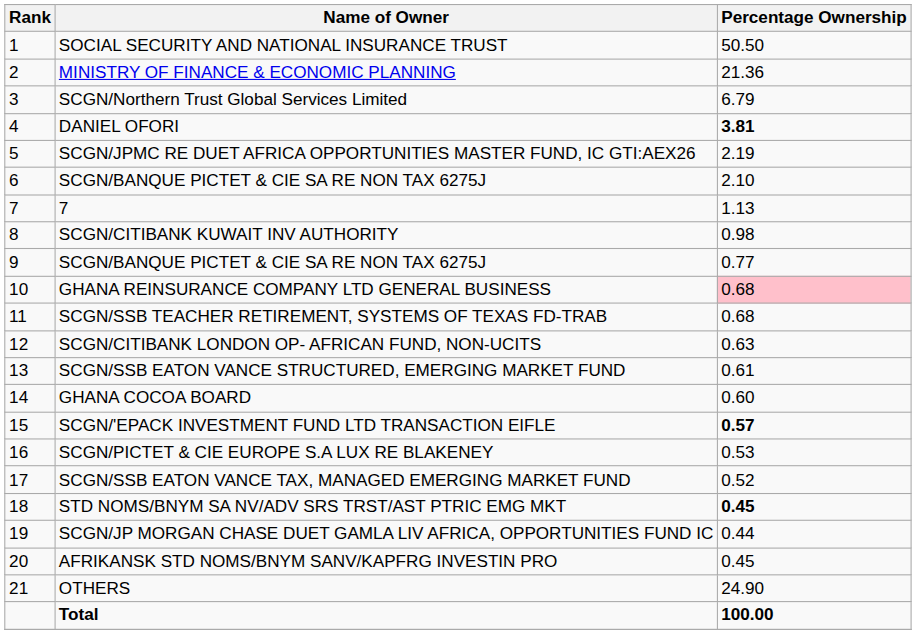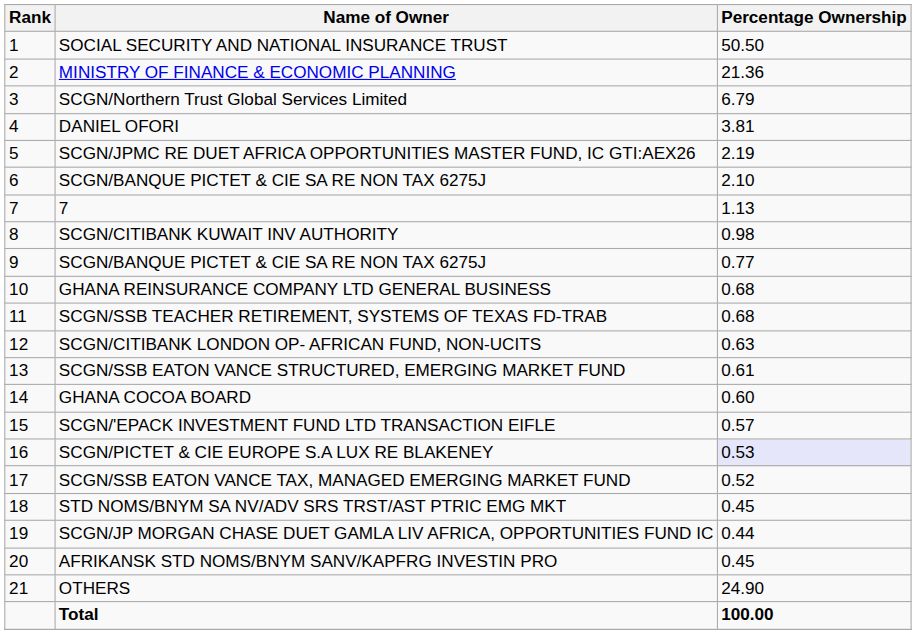 <table class="wikitable sortable" style="margin-left:auto;margin-right:auto">
 <tr>
 <th style="width:2em;">Rank</th>
 <th>Name of Owner</th>
 <th>Percentage Ownership</th>
 </tr>
 <tr>
 <td>1</td>
 <td>SOCIAL SECURITY AND NATIONAL INSURANCE TRUST</td>
 <td>50.50</td>
 </tr>
 <tr>
 <td>2</td>
 <td><a href='#'>MINISTRY OF FINANCE & ECONOMIC PLANNING</a></td>
 <td>21.36</td>
 </tr>
 <tr>
 <td>3</td>
 <td>SCGN/Northern Trust Global Services Limited</td>
 <td>6.79</td>
 </tr>
 <tr>
 <td>4</td>
 <td>DANIEL OFORI</td>
-<td><strong>3.81</strong></td>
+<td>3.81</td>
 </tr>
 <tr>
 <td>5</td>
 <td>SCGN/JPMC RE DUET AFRICA OPPORTUNITIES MASTER FUND, IC GTI:AEX26</td>
 <td>2.19</td>
 </tr>
 <tr>
 <td>6</td>
 <td>SCGN/BANQUE PICTET & CIE SA RE NON TAX 6275J</td>
 <td>2.10</td>
 </tr>
 <tr>
 <td>7</td>
 <td>7</td>
 <td>1.13</td>
 </tr>
 <tr>
 <td>8</td>
 <td>SCGN/CITIBANK KUWAIT INV AUTHORITY</td>
 <td>0.98</td>
 </tr>
 <tr>
 <td>9</td>
 <td>SCGN/BANQUE PICTET & CIE SA RE NON TAX 6275J</td>
 <td>0.77</td>
 </tr>
 <tr>
 <td>10</td>
 <td>GHANA REINSURANCE COMPANY LTD GENERAL BUSINESS</td>
-<td style="background: pink;">0.68</td>
+<td>0.68</td>
 </tr>
 <tr>
 <td>11</td>
 <td>SCGN/SSB TEACHER RETIREMENT, SYSTEMS OF TEXAS FD-TRAB</td>
 <td>0.68</td>
 </tr>
 <tr>
 <td>12</td>
 <td>SCGN/CITIBANK LONDON OP- AFRICAN FUND, NON-UCITS</td>
 <td>0.63</td>
 </tr>
 <tr>
 <td>13</td>
 <td>SCGN/SSB EATON VANCE STRUCTURED, EMERGING MARKET FUND</td>
 <td>0.61</td>
 </tr>
 <tr>
 <td>14</td>
 <td>GHANA COCOA BOARD</td>
 <td>0.60</td>
 </tr>
 <tr>
 <td>15</td>
 <td>SCGN/'EPACK INVESTMENT FUND LTD TRANSACTION EIFLE</td>
-<td><strong>0.57</strong></td>
+<td>0.57</td>
 </tr>
 <tr>
 <td>16</td>
 <td>SCGN/PICTET & CIE EUROPE S.A LUX RE BLAKENEY</td>
-<td>0.53</td>
+<td style="background: lavender;">0.53</td>
 </tr>
 <tr>
 <td>17</td>
 <td>SCGN/SSB EATON VANCE TAX, MANAGED EMERGING MARKET FUND</td>
 <td>0.52</td>
 </tr>
 <tr>
 <td>18</td>
 <td>STD NOMS/BNYM SA NV/ADV SRS TRST/AST PTRIC EMG MKT</td>
-<td><strong>0.45</strong></td>
+<td>0.45</td>
 </tr>
 <tr>
 <td>19</td>
 <td>SCGN/JP MORGAN CHASE DUET GAMLA LIV AFRICA, OPPORTUNITIES FUND IC</td>
 <td>0.44</td>
 </tr>
 <tr>
 <td>20</td>
 <td>AFRIKANSK STD NOMS/BNYM SANV/KAPFRG INVESTIN PRO</td>
 <td>0.45</td>
 </tr>
 <tr>
 <td>21</td>
 <td>OTHERS</td>
 <td>24.90</td>
 </tr>
 <tr>
 <td></td>
 <td><strong>Total</strong></td>
 <td><strong>100.00</strong></td>
 </tr>
 <tr>
 </tr>
 </table>
